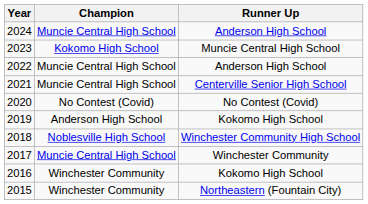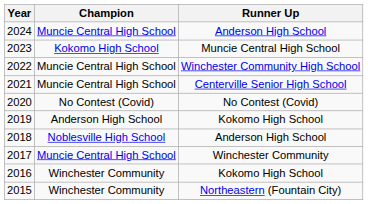 <table class="wikitable" style="text-align: center">
 <tr>
 <th>Year</th>
 <th>Champion</th>
 <th>Runner Up</th>
 </tr>
 <tr>
 <td>2024</td>
 <td><a href='#'>Muncie Central High School</a></td>
 <td><a href='#'>Anderson High School</a></td>
 </tr>
 <tr>
 <td>2023</td>
 <td><a href='#'>Kokomo High School</a></td>
 <td>Muncie Central High School</td>
 </tr>
 <tr>
 <td>2022</td>
 <td>Muncie Central High School</td>
-<td>Anderson High School</td>
+<td><a href='#'>Winchester Community High School</a></td>
 </tr>
 <tr>
 <td>2021</td>
 <td>Muncie Central High School</td>
 <td><a href='#'>Centerville Senior High School</a></td>
 </tr>
 <tr>
 <td>2020</td>
 <td>No Contest (Covid)</td>
 <td>No Contest (Covid)</td>
 </tr>
 <tr>
 <td>2019</td>
 <td>Anderson High School</td>
 <td>Kokomo High School</td>
 </tr>
 <tr>
 <td>2018</td>
 <td><a href='#'>Noblesville High School</a></td>
-<td><a href='#'>Winchester Community High School</a></td>
+<td>Anderson High School</td>
 </tr>
 <tr>
 <td>2017</td>
 <td><a href='#'>Muncie Central High School</a></td>
 <td>Winchester Community</td>
 </tr>
 <tr>
 <td>2016</td>
 <td>Winchester Community</td>
 <td>Kokomo High School</td>
 </tr>
 <tr>
 <td>2015</td>
 <td>Winchester Community</td>
 <td><a href='#'>Northeastern</a> (Fountain City)</td>
 </tr>
 </table>
